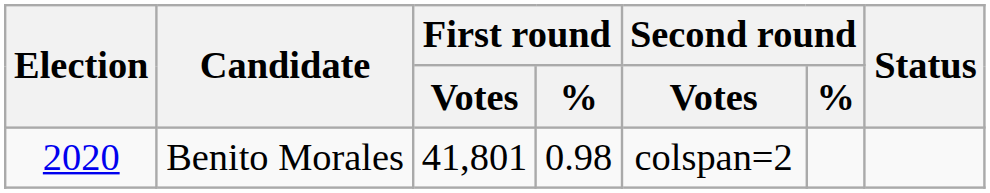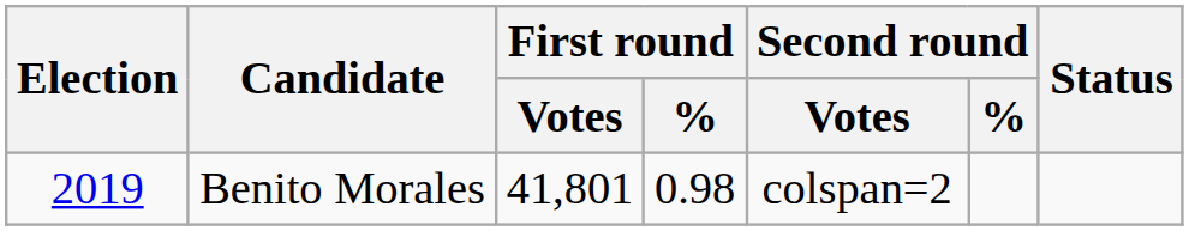 <table class=wikitable style=text-align:center>
 <tr>
 <th rowspan=2>Election</th>
 <th rowspan=2>Candidate</th>
 <th colspan=2>First round</th>
 <th colspan=2>Second round</th>
 <th rowspan=2>Status</th>
 </tr>
 <tr>
 <th>Votes</th>
 <th>%</th>
 <th>Votes</th>
 <th>%</th>
 </tr>
 <tr>
-<td><a href='#'>2020</a></td>
+<td><a href='#'>2019</a></td>
 <td>Benito Morales</td>
 <td>41,801</td>
 <td>0.98</td>
 <td>colspan=2 </td>
 <td></td>
 </tr>
 </table>
